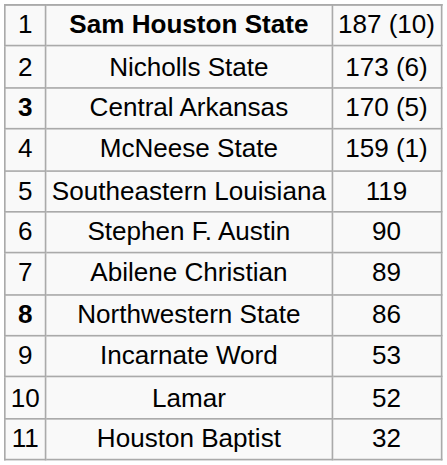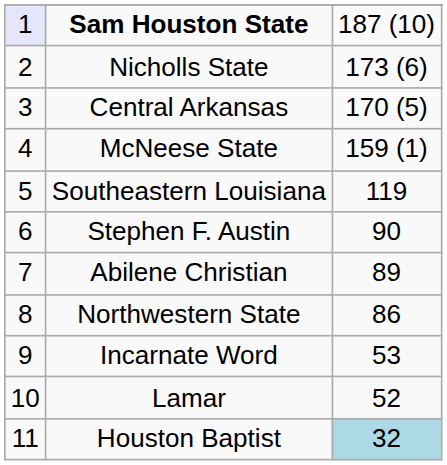 <table class="wikitable">
 <tr align="center">
 </tr>
 <tr align="center">
-<td>1</td>
+<td style="background: lavender;">1</td>
 <td><strong>Sam Houston State</strong></td>
 <td>187 (10)</td>
 </tr>
 <tr align="center">
 <td>2</td>
 <td>Nicholls State</td>
 <td>173 (6)</td>
 </tr>
 <tr align="center">
-<td><strong>3</strong></td>
+<td>3</td>
 <td>Central Arkansas</td>
 <td>170 (5)</td>
 </tr>
 <tr align="center">
 <td>4</td>
 <td>McNeese State</td>
 <td>159 (1)</td>
 </tr>
 <tr align="center">
 <td>5</td>
 <td>Southeastern Louisiana</td>
 <td>119</td>
 </tr>
 <tr align="center">
 <td>6</td>
 <td>Stephen F. Austin</td>
 <td>90</td>
 </tr>
 <tr align="center">
 <td>7</td>
 <td>Abilene Christian</td>
 <td>89</td>
 </tr>
 <tr align="center">
-<td><strong>8</strong></td>
+<td>8</td>
 <td>Northwestern State</td>
 <td>86</td>
 </tr>
 <tr align="center">
 <td>9</td>
 <td>Incarnate Word</td>
 <td>53</td>
 </tr>
 <tr align="center">
 <td>10</td>
 <td>Lamar</td>
 <td>52</td>
 </tr>
 <tr align="center">
 <td>11</td>
 <td>Houston Baptist</td>
-<td>32</td>
+<td style="background: lightblue;">32</td>
 </tr>
 </table>
